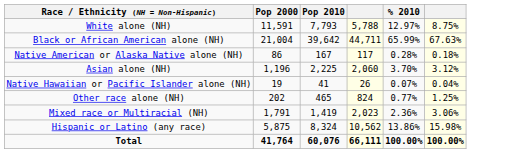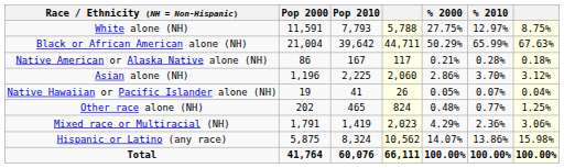 <table class="wikitable" style="text-align:center;">
 <tr>
 <th>Race / Ethnicity <small>(<em>NH = Non-Hispanic</em>)</small></th>
 <th>Pop 2000</th>
 <th>Pop 2010</th>
 <th></th>
+<th>% 2000</th>
 <th>% 2010</th>
 <th></th>
 </tr>
 <tr>
 <td><a href='#'>White</a> alone (NH)</td>
 <td>11,591</td>
 <td>7,793</td>
 <td style='background: #ffffe6;'>5,788</td>
+<td>27.75%</td>
 <td>12.97%</td>
 <td style='background: #ffffe6;'>8.75%</td>
 </tr>
 <tr>
 <td><a href='#'>Black or African American</a> alone (NH)</td>
 <td>21,004</td>
 <td>39,642</td>
 <td style='background: #ffffe6;'>44,711</td>
+<td>50.29%</td>
 <td>65.99%</td>
 <td style='background: #ffffe6;'>67.63%</td>
 </tr>
 <tr>
 <td><a href='#'>Native American</a> or <a href='#'>Alaska Native</a> alone (NH)</td>
 <td>86</td>
 <td>167</td>
 <td style='background: #ffffe6;'>117</td>
+<td>0.21%</td>
 <td>0.28%</td>
 <td style='background: #ffffe6;'>0.18%</td>
 </tr>
 <tr>
 <td><a href='#'>Asian</a> alone (NH)</td>
 <td>1,196</td>
 <td>2,225</td>
 <td style='background: #ffffe6;'>2,060</td>
+<td>2.86%</td>
 <td>3.70%</td>
 <td style='background: #ffffe6;'>3.12%</td>
 </tr>
 <tr>
 <td><a href='#'>Native Hawaiian</a> or <a href='#'>Pacific Islander</a> alone (NH)</td>
 <td>19</td>
 <td>41</td>
 <td style='background: #ffffe6;'>26</td>
+<td>0.05%</td>
 <td>0.07%</td>
 <td style='background: #ffffe6;'>0.04%</td>
 </tr>
 <tr>
 <td><a href='#'>Other race</a> alone (NH)</td>
 <td>202</td>
 <td>465</td>
 <td style='background: #ffffe6;'>824</td>
+<td>0.48%</td>
 <td>0.77%</td>
 <td style='background: #ffffe6;'>1.25%</td>
 </tr>
 <tr>
 <td><a href='#'>Mixed race or Multiracial</a> (NH)</td>
 <td>1,791</td>
 <td>1,419</td>
 <td style='background: #ffffe6;'>2,023</td>
+<td>4.29%</td>
 <td>2.36%</td>
 <td style='background: #ffffe6;'>3.06%</td>
 </tr>
 <tr>
 <td><a href='#'>Hispanic or Latino</a> (any race)</td>
 <td>5,875</td>
 <td>8,324</td>
 <td style='background: #ffffe6;'>10,562</td>
+<td>14.07%</td>
 <td>13.86%</td>
 <td style='background: #ffffe6;'>15.98%</td>
 </tr>
 <tr>
 <td><strong>Total</strong></td>
 <td><strong>41,764</strong></td>
 <td><strong>60,076</strong></td>
 <td style='background: #ffffe6;'><strong>66,111</strong></td>
 <td><strong>100.00%</strong></td>
+<td><strong>100.00%</strong></td>
 <td style='background: #ffffe6;'><strong>100.00%</strong></td>
 </tr>
 </table>
